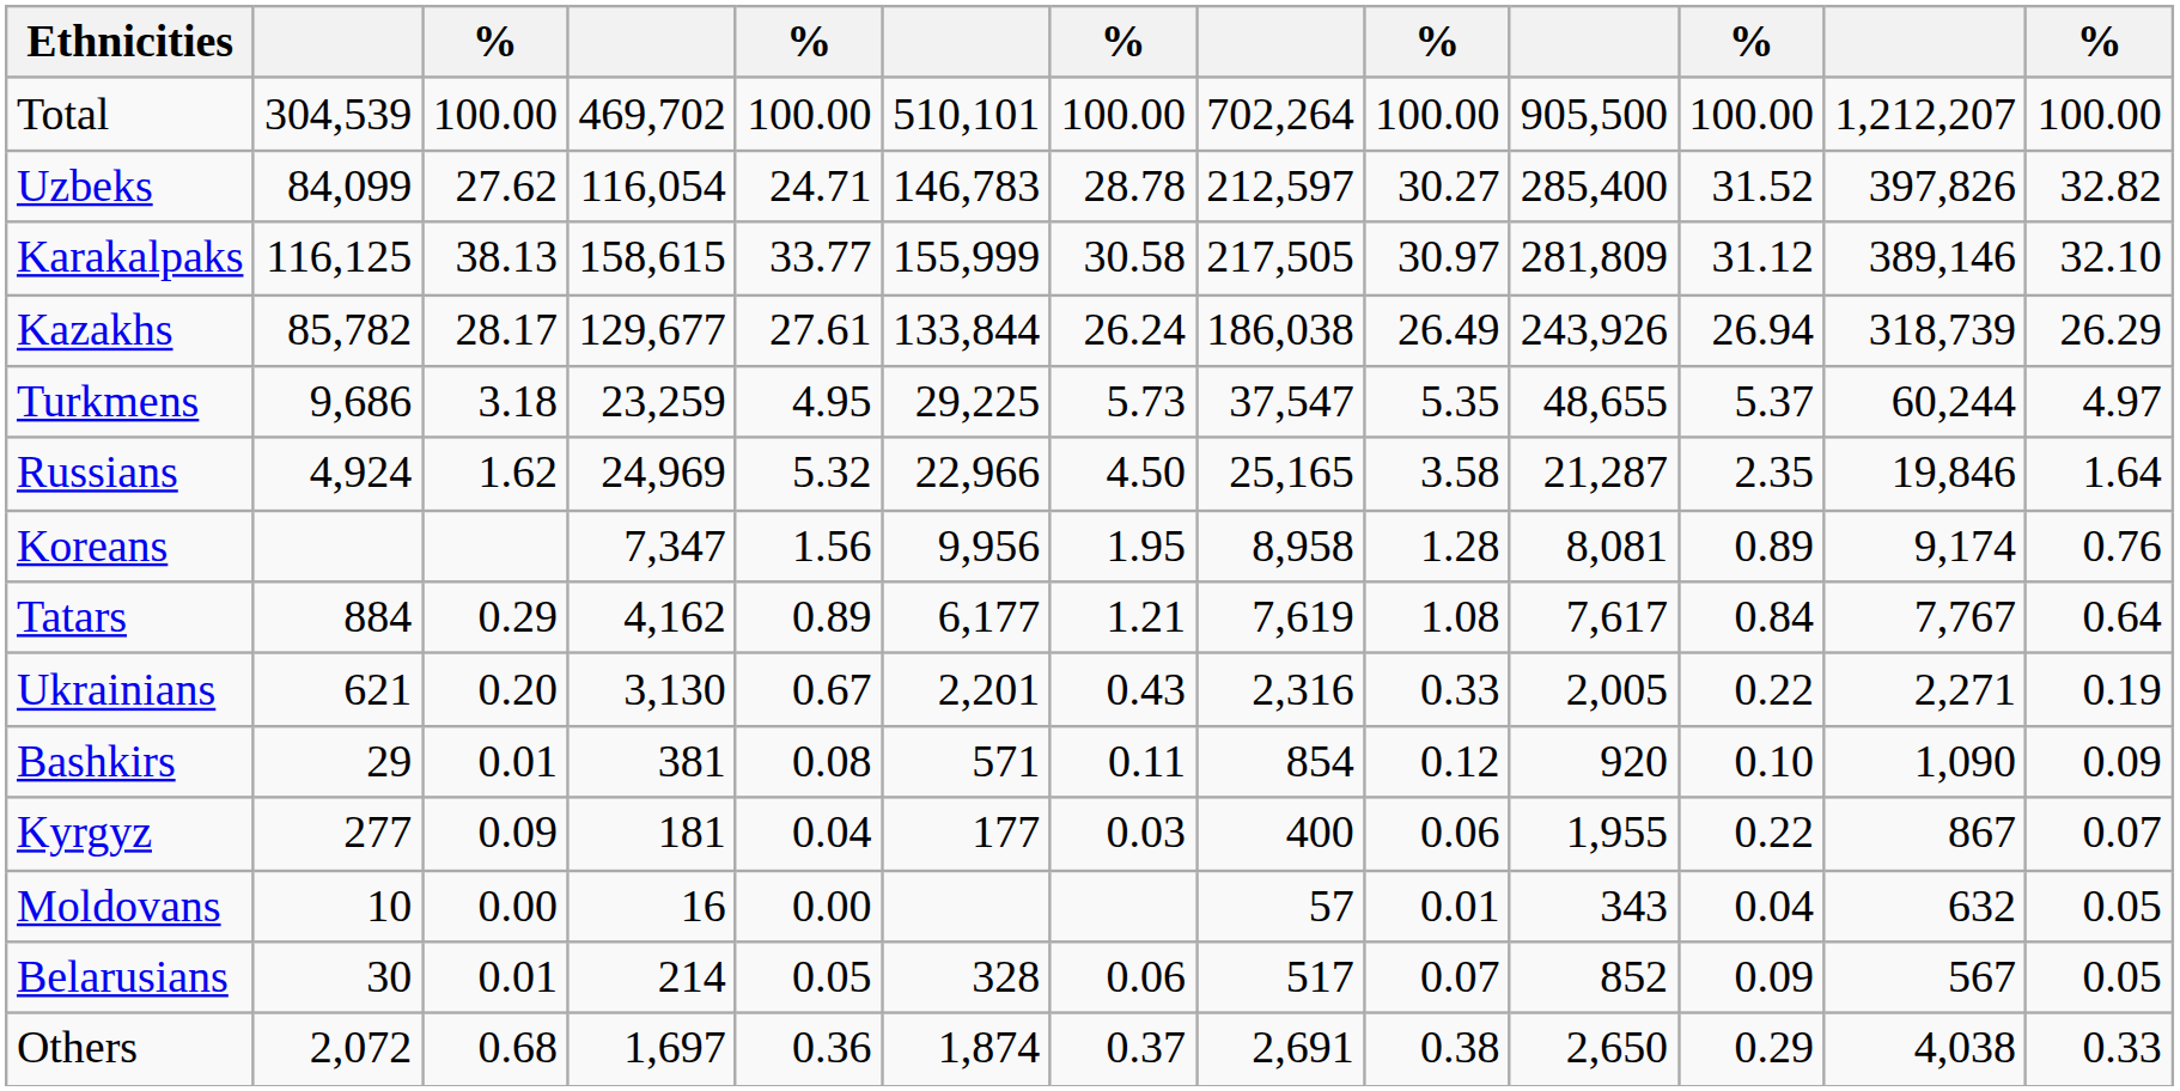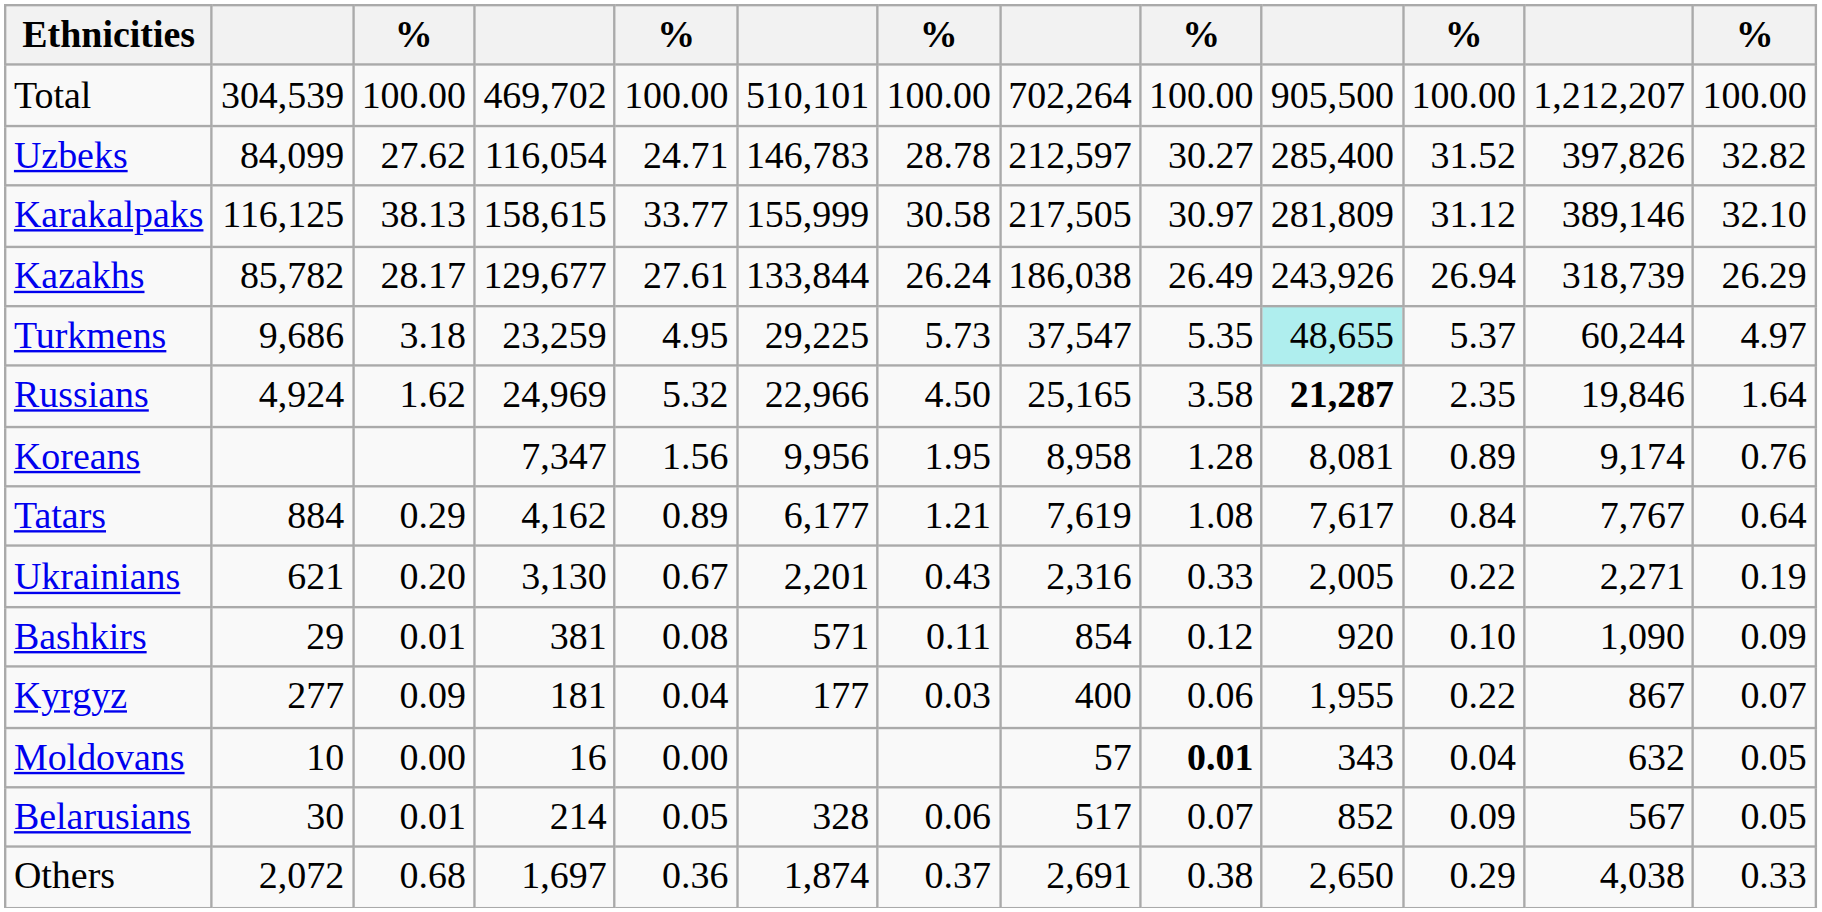 <table class="wikitable sortable">
 <tr>
 <th>Ethnicities</th>
 <th></th>
 <th>%</th>
 <th></th>
 <th>%</th>
 <th></th>
 <th>%</th>
 <th></th>
 <th>%</th>
 <th></th>
 <th>%</th>
 <th></th>
 <th>%</th>
 </tr>
 <tr>
 <td>Total</td>
 <td align="right">304,539</td>
 <td align="right">100.00</td>
 <td align="right">469,702</td>
 <td align="right">100.00</td>
 <td align="right">510,101</td>
 <td align="right">100.00</td>
 <td align="right">702,264</td>
 <td align="right">100.00</td>
 <td align="right">905,500</td>
 <td align="right">100.00</td>
 <td align="right">1,212,207</td>
 <td align="right">100.00</td>
 </tr>
 <tr>
 <td><a href='#'>Uzbeks</a></td>
 <td align="right">84,099</td>
 <td align="right">27.62</td>
 <td align="right">116,054</td>
 <td align="right">24.71</td>
 <td align="right">146,783</td>
 <td align="right">28.78</td>
 <td align="right">212,597</td>
 <td align="right">30.27</td>
 <td align="right">285,400</td>
 <td align="right">31.52</td>
 <td align="right">397,826</td>
 <td align="right">32.82</td>
 </tr>
 <tr>
 <td><a href='#'>Karakalpaks</a></td>
 <td align="right">116,125</td>
 <td align="right">38.13</td>
 <td align="right">158,615</td>
 <td align="right">33.77</td>
 <td align="right">155,999</td>
 <td align="right">30.58</td>
 <td align="right">217,505</td>
 <td align="right">30.97</td>
 <td align="right">281,809</td>
 <td align="right">31.12</td>
 <td align="right">389,146</td>
 <td align="right">32.10</td>
 </tr>
 <tr>
 <td><a href='#'>Kazakhs</a></td>
 <td align="right">85,782</td>
 <td align="right">28.17</td>
 <td align="right">129,677</td>
 <td align="right">27.61</td>
 <td align="right">133,844</td>
 <td align="right">26.24</td>
 <td align="right">186,038</td>
 <td align="right">26.49</td>
 <td align="right">243,926</td>
 <td align="right">26.94</td>
 <td align="right">318,739</td>
 <td align="right">26.29</td>
 </tr>
 <tr>
 <td><a href='#'>Turkmens</a></td>
 <td align="right">9,686</td>
 <td align="right">3.18</td>
 <td align="right">23,259</td>
 <td align="right">4.95</td>
 <td align="right">29,225</td>
 <td align="right">5.73</td>
 <td align="right">37,547</td>
 <td align="right">5.35</td>
-<td align="right">48,655</td>
+<td align="right" style="background: paleturquoise;">48,655</td>
 <td align="right">5.37</td>
 <td align="right">60,244</td>
 <td align="right">4.97</td>
 </tr>
 <tr>
 <td><a href='#'>Russians</a></td>
 <td align="right">4,924</td>
 <td align="right">1.62</td>
 <td align="right">24,969</td>
 <td align="right">5.32</td>
 <td align="right">22,966</td>
 <td align="right">4.50</td>
 <td align="right">25,165</td>
 <td align="right">3.58</td>
-<td align="right">21,287</td>
+<td align="right"><strong>21,287</strong></td>
 <td align="right">2.35</td>
 <td align="right">19,846</td>
 <td align="right">1.64</td>
 </tr>
 <tr>
 <td><a href='#'>Koreans</a></td>
 <td align="right"></td>
 <td align="right"></td>
 <td align="right">7,347</td>
 <td align="right">1.56</td>
 <td align="right">9,956</td>
 <td align="right">1.95</td>
 <td align="right">8,958</td>
 <td align="right">1.28</td>
 <td align="right">8,081</td>
 <td align="right">0.89</td>
 <td align="right">9,174</td>
 <td align="right">0.76</td>
 </tr>
 <tr>
 <td><a href='#'>Tatars</a></td>
 <td align="right">884</td>
 <td align="right">0.29</td>
 <td align="right">4,162</td>
 <td align="right">0.89</td>
 <td align="right">6,177</td>
 <td align="right">1.21</td>
 <td align="right">7,619</td>
 <td align="right">1.08</td>
 <td align="right">7,617</td>
 <td align="right">0.84</td>
 <td align="right">7,767</td>
 <td align="right">0.64</td>
 </tr>
 <tr>
 <td><a href='#'>Ukrainians</a></td>
 <td align="right">621</td>
 <td align="right">0.20</td>
 <td align="right">3,130</td>
 <td align="right">0.67</td>
 <td align="right">2,201</td>
 <td align="right">0.43</td>
 <td align="right">2,316</td>
 <td align="right">0.33</td>
 <td align="right">2,005</td>
 <td align="right">0.22</td>
 <td align="right">2,271</td>
 <td align="right">0.19</td>
 </tr>
 <tr>
 <td><a href='#'>Bashkirs</a></td>
 <td align="right">29</td>
 <td align="right">0.01</td>
 <td align="right">381</td>
 <td align="right">0.08</td>
 <td align="right">571</td>
 <td align="right">0.11</td>
 <td align="right">854</td>
 <td align="right">0.12</td>
 <td align="right">920</td>
 <td align="right">0.10</td>
 <td align="right">1,090</td>
 <td align="right">0.09</td>
 </tr>
 <tr>
 <td><a href='#'>Kyrgyz</a></td>
 <td align="right">277</td>
 <td align="right">0.09</td>
 <td align="right">181</td>
 <td align="right">0.04</td>
 <td align="right">177</td>
 <td align="right">0.03</td>
 <td align="right">400</td>
 <td align="right">0.06</td>
 <td align="right">1,955</td>
 <td align="right">0.22</td>
 <td align="right">867</td>
 <td align="right">0.07</td>
 </tr>
 <tr>
 <td><a href='#'>Moldovans</a></td>
 <td align="right">10</td>
 <td align="right">0.00</td>
 <td align="right">16</td>
 <td align="right">0.00</td>
 <td align="right"></td>
 <td align="right"></td>
 <td align="right">57</td>
-<td align="right">0.01</td>
+<td align="right"><strong>0.01</strong></td>
 <td align="right">343</td>
 <td align="right">0.04</td>
 <td align="right">632</td>
 <td align="right">0.05</td>
 </tr>
 <tr>
 <td><a href='#'>Belarusians</a></td>
 <td align="right">30</td>
 <td align="right">0.01</td>
 <td align="right">214</td>
 <td align="right">0.05</td>
 <td align="right">328</td>
 <td align="right">0.06</td>
 <td align="right">517</td>
 <td align="right">0.07</td>
 <td align="right">852</td>
 <td align="right">0.09</td>
 <td align="right">567</td>
 <td align="right">0.05</td>
 </tr>
 <tr>
 <td>Others</td>
 <td align="right">2,072</td>
 <td align="right">0.68</td>
 <td align="right">1,697</td>
 <td align="right">0.36</td>
 <td align="right">1,874</td>
 <td align="right">0.37</td>
 <td align="right">2,691</td>
 <td align="right">0.38</td>
 <td align="right">2,650</td>
 <td align="right">0.29</td>
 <td align="right">4,038</td>
 <td align="right">0.33</td>
 </tr>
 </table>
